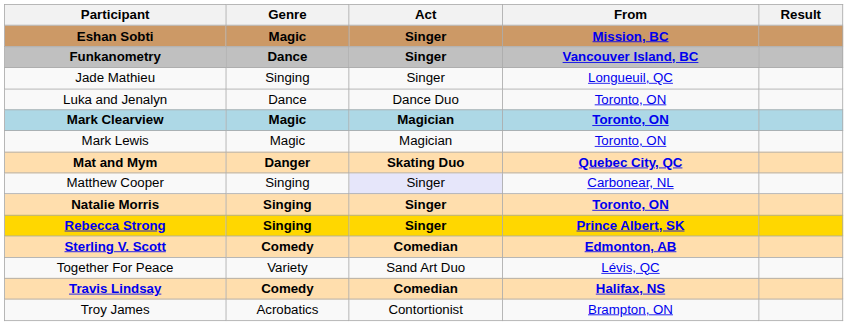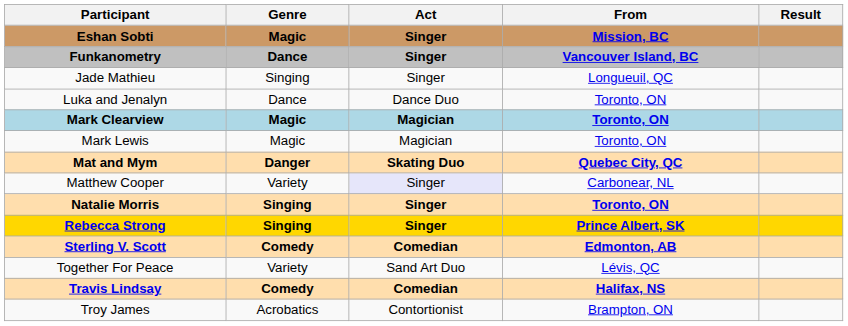 <table class="wikitable sortable" style="margin-right: auto; border: none; width:80%; text-align:center;">
 <tr valign="top">
 <th>Participant</th>
 <th>Genre</th>
 <th class="unsortable">Act</th>
 <th>From</th>
 <th>Result</th>
 </tr>
 <tr style="background:#c96">
 <td><strong>Eshan Sobti</strong></td>
 <td><strong>Magic</strong></td>
 <td><strong>Singer</strong></td>
 <td><strong><a href='#'>Mission, BC</a></strong></td>
 <td><strong></strong></td>
 </tr>
 <tr style="background:Silver">
 <td><strong>Funkanometry</strong></td>
 <td><strong>Dance</strong></td>
 <td><strong>Singer</strong></td>
 <td><strong><a href='#'>Vancouver Island, BC</a></strong></td>
 <td><strong></strong></td>
 </tr>
 <tr>
 <td>Jade Mathieu </td>
 <td>Singing</td>
 <td>Singer</td>
 <td><a href='#'>Longueuil, QC</a></td>
 <td></td>
 </tr>
 <tr>
 <td>Luka and Jenalyn</td>
 <td>Dance</td>
 <td>Dance Duo</td>
 <td><a href='#'>Toronto, ON</a></td>
 <td></td>
 </tr>
 <tr style="background:lightblue">
 <td><strong>Mark Clearview</strong> </td>
 <td><strong>Magic</strong></td>
 <td><strong>Magician</strong></td>
 <td><strong><a href='#'>Toronto, ON</a></strong></td>
 <td><strong></strong></td>
 </tr>
 <tr>
 <td>Mark Lewis </td>
 <td>Magic</td>
 <td>Magician</td>
 <td><a href='#'>Toronto, ON</a></td>
 <td></td>
 </tr>
 <tr style="background:NavajoWhite">
 <td><strong>Mat and Mym</strong> </td>
 <td><strong>Danger</strong></td>
 <td><strong>Skating Duo</strong></td>
 <td><strong><a href='#'>Quebec City, QC</a></strong></td>
 <td><strong></strong></td>
 </tr>
 <tr>
 <td>Matthew Cooper</td>
-<td>Singing</td>
+<td>Variety</td>
 <td style="background: lavender;">Singer</td>
 <td><a href='#'>Carbonear, NL</a></td>
 <td></td>
 </tr>
 <tr style="background:NavajoWhite">
 <td><strong>Natalie Morris</strong> </td>
 <td><strong>Singing</strong></td>
 <td><strong>Singer</strong></td>
 <td><strong><a href='#'>Toronto, ON</a></strong></td>
 <td><strong></strong></td>
 </tr>
 <tr style="background:gold">
 <td><strong><a href='#'>Rebecca Strong</a></strong> </td>
 <td><strong>Singing</strong></td>
 <td><strong>Singer</strong></td>
 <td><strong><a href='#'>Prince Albert, SK</a></strong></td>
 <td><strong></strong></td>
 </tr>
 <tr style="background:NavajoWhite">
 <td><strong><a href='#'>Sterling V. Scott</a></strong> </td>
 <td><strong>Comedy</strong></td>
 <td><strong>Comedian</strong></td>
 <td><strong><a href='#'>Edmonton, AB</a></strong></td>
 <td><strong></strong></td>
 </tr>
 <tr>
 <td>Together For Peace </td>
 <td>Variety</td>
 <td>Sand Art Duo</td>
 <td><a href='#'>Lévis, QC</a></td>
 <td></td>
 </tr>
 <tr style="background:NavajoWhite">
 <td><strong><a href='#'>Travis Lindsay</a></strong></td>
 <td><strong>Comedy</strong></td>
 <td><strong>Comedian</strong></td>
 <td><strong><a href='#'>Halifax, NS</a></strong></td>
 <td><strong></strong></td>
 </tr>
 <tr>
 <td>Troy James</td>
 <td>Acrobatics</td>
 <td>Contortionist</td>
 <td><a href='#'>Brampton, ON</a></td>
 <td></td>
 </tr>
 </table>
